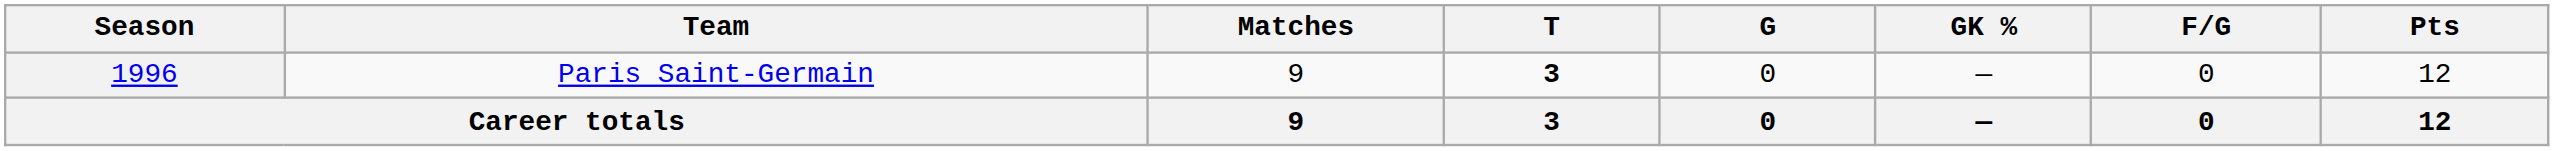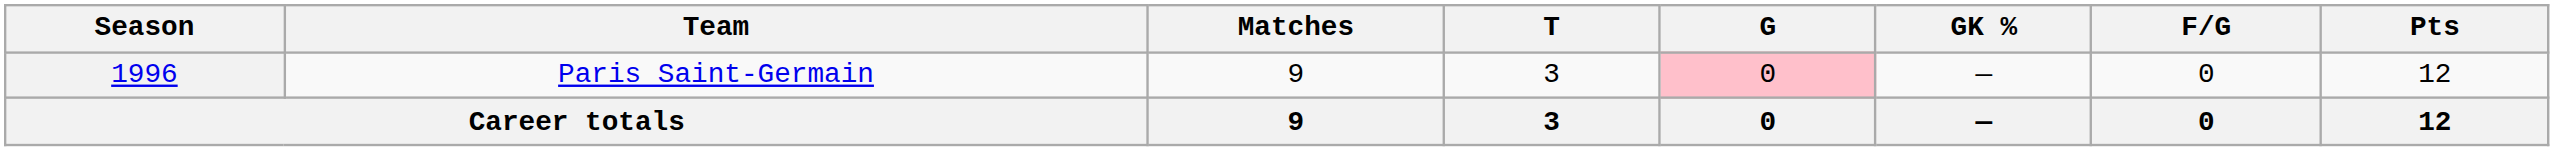 <table class="wikitable sortable"  style="font-size:90%; text-align:center; width:85%;">
 <tr>
 <th width=2%>Season</th>
 <th width=8%>Team</th>
 <th width=2%>Matches</th>
 <th width=2%>T</th>
 <th width=2%>G</th>
 <th width=2%>GK %</th>
 <th width=2%>F/G</th>
 <th width=2%>Pts</th>
 </tr>
 <tr>
 <th scope="row" style="text-align:center; font-weight:normal"><a href='#'>1996</a></th>
 <td style="text-align:center;"> <a href='#'>Paris Saint-Germain</a></td>
 <td>9</td>
-<td><strong>3</strong></td>
-<td>0</td>
+<td>3</td>
+<td style="background: pink;">0</td>
 <td>—</td>
 <td>0</td>
 <td>12</td>
 </tr>
 <tr class="sortbottom">
 <th colspan=2>Career totals</th>
 <th>9</th>
 <th>3</th>
 <th>0</th>
 <th>—</th>
 <th>0</th>
 <th>12</th>
 </tr>
 </table>
